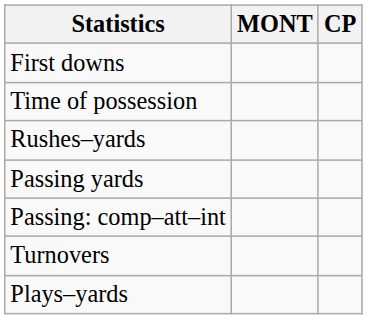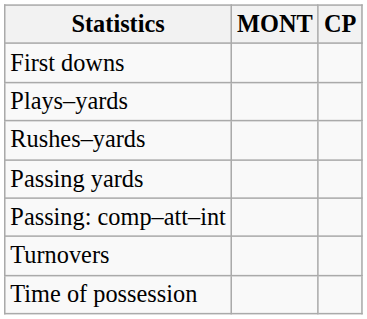 <table class="wikitable" style="float:left">
 <tr>
 <th>Statistics</th>
 <th>MONT</th>
 <th>CP</th>
 </tr>
 <tr>
 <td>First downs</td>
 <td></td>
 <td></td>
 </tr>
 <tr>
-<td>Time of possession</td>
+<td>Plays–yards</td>
 <td></td>
 <td></td>
 </tr>
 <tr>
 <td>Rushes–yards</td>
 <td></td>
 <td></td>
 </tr>
 <tr>
 <td>Passing yards</td>
 <td></td>
 <td></td>
 </tr>
 <tr>
 <td>Passing: comp–att–int</td>
 <td></td>
 <td></td>
 </tr>
 <tr>
 <td>Turnovers</td>
 <td></td>
 <td></td>
 </tr>
 <tr>
-<td>Plays–yards</td>
+<td>Time of possession</td>
 <td></td>
 <td></td>
 </tr>
 </table>
